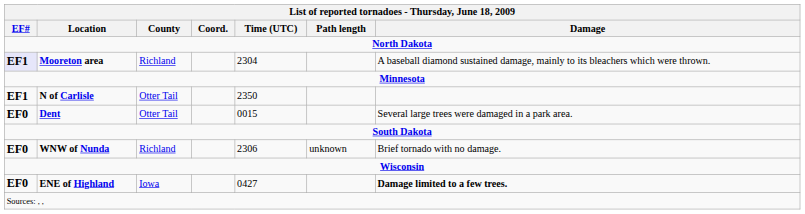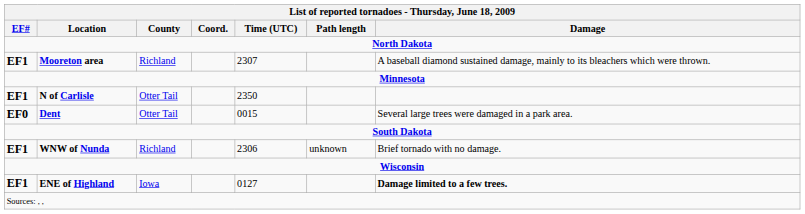 <table class="wikitable collapsible" width="100%">
 <tr>
 <th colspan="7">List of reported tornadoes - Thursday, June 18, 2009</th>
 </tr>
 <tr>
 <th><a href='#'>EF#</a></th>
 <th>Location</th>
 <th>County</th>
 <th>Coord.</th>
 <th>Time (UTC)</th>
 <th>Path length</th>
 <th>Damage</th>
 </tr>
 <tr>
 <td colspan="7" align=center><strong><a href='#'>North Dakota</a></strong></td>
 </tr>
 <tr>
-<td style="background: lavender;"><big><strong>EF1</strong></big></td>
+<td><big><strong>EF1</strong></big></td>
 <td><strong><a href='#'>Mooreton</a> area</strong></td>
 <td><a href='#'>Richland</a></td>
 <td></td>
-<td>2304</td>
+<td>2307</td>
 <td></td>
 <td>A baseball diamond sustained damage, mainly to its bleachers which were thrown.</td>
 </tr>
 <tr>
 <td colspan="7" align=center><strong><a href='#'>Minnesota</a></strong></td>
 </tr>
 <tr>
 <td><big><strong>EF1</strong></big></td>
 <td><strong>N of <a href='#'>Carlisle</a></strong></td>
 <td><a href='#'>Otter Tail</a></td>
 <td></td>
 <td>2350</td>
 <td></td>
 <td></td>
 </tr>
 <tr>
 <td><big><strong>EF0</strong></big></td>
 <td><strong><a href='#'>Dent</a></strong></td>
 <td><a href='#'>Otter Tail</a></td>
 <td></td>
 <td>0015</td>
 <td></td>
 <td>Several large trees were damaged in a park area.</td>
 </tr>
 <tr>
 <td colspan="7" align=center><strong><a href='#'>South Dakota</a></strong></td>
 </tr>
 <tr>
-<td><big><strong>EF0</strong></big></td>
+<td><big><strong>EF1</strong></big></td>
 <td><strong>WNW of <a href='#'>Nunda</a></strong></td>
 <td><a href='#'>Richland</a></td>
 <td></td>
 <td>2306</td>
 <td>unknown</td>
 <td>Brief tornado with no damage.</td>
 </tr>
 <tr>
 <td colspan="7" align=center><strong><a href='#'>Wisconsin</a></strong></td>
 </tr>
 <tr>
-<td><big><strong>EF0</strong></big></td>
+<td><big><strong>EF1</strong></big></td>
 <td><strong>ENE of <a href='#'>Highland</a></strong></td>
 <td><a href='#'>Iowa</a></td>
 <td></td>
-<td>0427</td>
+<td>0127</td>
 <td></td>
 <td><strong>Damage limited to a few trees.</strong></td>
 </tr>
 <tr>
 <td colspan="7"><small>Sources: , , </small></td>
 </tr>
 </table>
